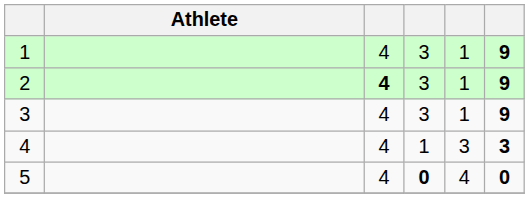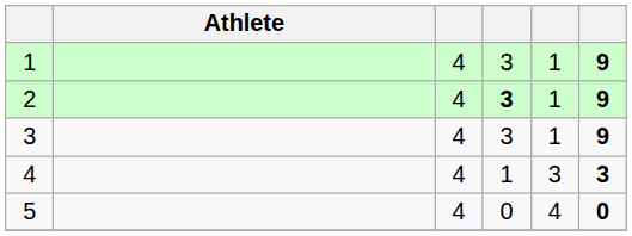 <table class="wikitable" style="text-align: center; font-size:100% ">
 <tr>
 <th width=25></th>
 <th width=250>Athlete</th>
 <th width=25></th>
 <th width=25></th>
 <th width=25></th>
 <th width=25></th>
 </tr>
 <tr bgcolor="ccffcc">
 <td>1</td>
 <td align=left></td>
 <td>4</td>
 <td>3</td>
 <td>1</td>
 <td><strong>9</strong></td>
 </tr>
 <tr bgcolor="ccffcc">
 <td>2</td>
 <td align=left></td>
-<td><strong>4</strong></td>
-<td>3</td>
+<td>4</td>
+<td><strong>3</strong></td>
 <td>1</td>
 <td><strong>9</strong></td>
 </tr>
 <tr>
 <td>3</td>
 <td align=left></td>
 <td>4</td>
 <td>3</td>
 <td>1</td>
 <td><strong>9</strong></td>
 </tr>
 <tr>
 <td>4</td>
 <td align=left></td>
 <td>4</td>
 <td>1</td>
 <td>3</td>
 <td><strong>3</strong></td>
 </tr>
 <tr>
 <td>5</td>
 <td align=left></td>
 <td>4</td>
-<td><strong>0</strong></td>
+<td>0</td>
 <td>4</td>
 <td><strong>0</strong></td>
 </tr>
 <tr>
 </tr>
 </table>
